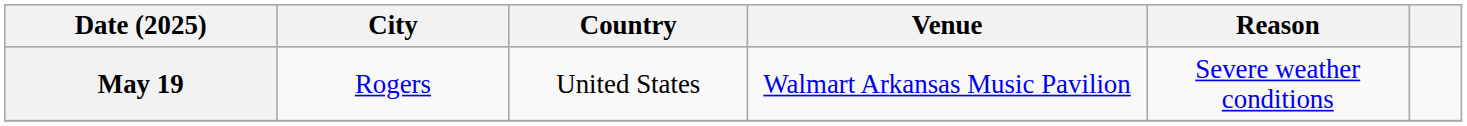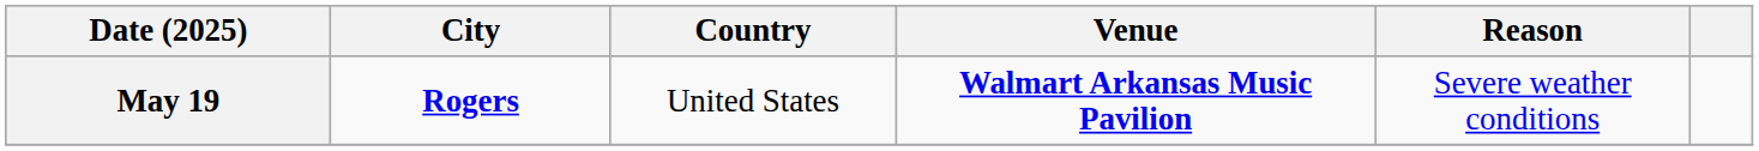 <table class="wikitable plainrowheaders" style="text-align:center;">
 <tr>
 <th scope="col" style="width:12em;">Date (2025)</th>
 <th scope="col" style="width:10em;">City</th>
 <th scope="col" style="width:10em;">Country</th>
 <th scope="col" style="width:18em;">Venue</th>
 <th scope="col" style="width:11em;">Reason</th>
 <th scope="col" style="width:2em;"></th>
 </tr>
 <tr>
 <th scope="row" style="text-align:center;">May 19</th>
-<td><a href='#'>Rogers</a></td>
+<td><strong><a href='#'>Rogers</a></strong></td>
 <td>United States</td>
-<td><a href='#'>Walmart Arkansas Music Pavilion</a></td>
+<td><strong><a href='#'>Walmart Arkansas Music Pavilion</a></strong></td>
 <td><a href='#'>Severe weather conditions</a></td>
 <td></td>
 </tr>
 <tr>
 </tr>
 </table>
